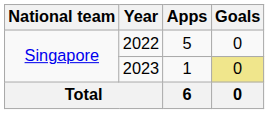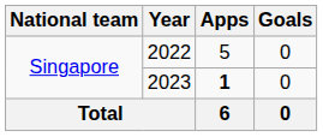 <table class="wikitable" style="text-align:center">
 <tr>
 <th>National team</th>
 <th>Year</th>
 <th>Apps</th>
 <th>Goals</th>
 </tr>
 <tr>
 <td rowspan="2"><a href='#'>Singapore</a></td>
 <td>2022</td>
 <td>5</td>
 <td>0</td>
 </tr>
 <tr>
 <td>2023</td>
-<td>1</td>
-<td style="background: khaki;">0</td>
+<td><strong>1</strong></td>
+<td>0</td>
 </tr>
 <tr>
 <th colspan="2">Total</th>
 <th>6</th>
 <th>0</th>
 </tr>
 </table>
